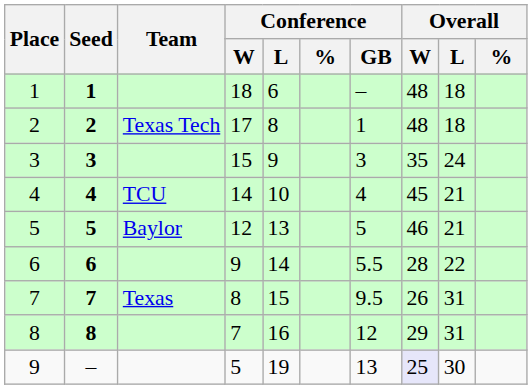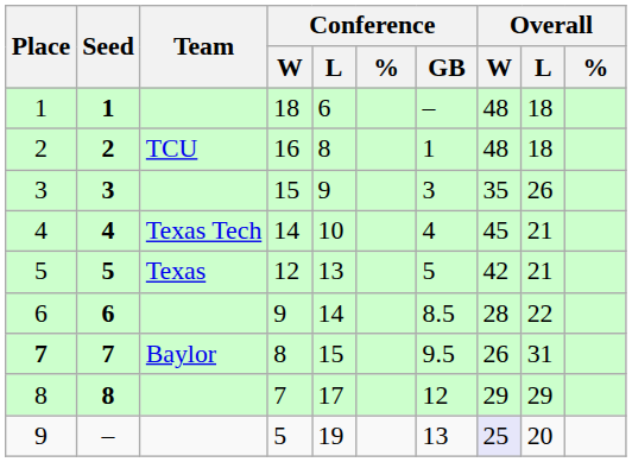 <table class="wikitable">
 <tr>
 <th rowspan ="2">Place</th>
 <th rowspan ="2">Seed</th>
 <th rowspan ="2">Team</th>
 <th colspan = "4">Conference</th>
 <th colspan = "3">Overall</th>
 </tr>
 <tr>
 <th scope="col" style="width: 20px;">W</th>
 <th scope="col" style="width: 20px;">L</th>
 <th scope="col" style="width: 30px;">%</th>
 <th scope="col" style="width: 30px;">GB</th>
 <th scope="col" style="width: 20px;">W</th>
 <th scope="col" style="width: 20px;">L</th>
 <th scope="col" style="width: 30px;">%</th>
 </tr>
 <tr bgcolor=#ccffcc>
 <td style="text-align:center;">1</td>
 <td style="text-align:center;"><strong>1</strong></td>
 <td></td>
 <td>18</td>
 <td>6</td>
 <td></td>
 <td>–</td>
 <td>48</td>
 <td>18</td>
 <td></td>
 </tr>
 <tr bgcolor=#ccffcc>
 <td style="text-align:center;">2</td>
 <td style="text-align:center;"><strong>2</strong></td>
-<td><a href='#'>Texas Tech</a></td>
-<td>17</td>
+<td><a href='#'>TCU</a></td>
+<td>16</td>
 <td>8</td>
 <td></td>
 <td>1</td>
 <td>48</td>
 <td>18</td>
 <td></td>
 </tr>
 <tr bgcolor=#ccffcc>
 <td style="text-align:center;">3</td>
 <td style="text-align:center;"><strong>3</strong></td>
 <td></td>
 <td>15</td>
 <td>9</td>
 <td></td>
 <td>3</td>
 <td>35</td>
-<td>24</td>
+<td>26</td>
 <td></td>
 </tr>
 <tr bgcolor=#ccffcc>
 <td style="text-align:center;">4</td>
 <td style="text-align:center;"><strong>4</strong></td>
-<td><a href='#'>TCU</a></td>
+<td><a href='#'>Texas Tech</a></td>
 <td>14</td>
 <td>10</td>
 <td></td>
 <td>4</td>
 <td>45</td>
 <td>21</td>
 <td></td>
 </tr>
 <tr bgcolor=#ccffcc>
 <td style="text-align:center;">5</td>
 <td style="text-align:center;"><strong>5</strong></td>
-<td><a href='#'>Baylor</a></td>
+<td><a href='#'>Texas</a></td>
 <td>12</td>
 <td>13</td>
 <td></td>
 <td>5</td>
-<td>46</td>
+<td>42</td>
 <td>21</td>
 <td></td>
 </tr>
 <tr bgcolor=#ccffcc>
 <td style="text-align:center;">6</td>
 <td style="text-align:center;"><strong>6</strong></td>
 <td></td>
 <td>9</td>
 <td>14</td>
 <td></td>
-<td>5.5</td>
+<td>8.5</td>
 <td>28</td>
 <td>22</td>
 <td></td>
 </tr>
 <tr bgcolor=#ccffcc>
-<td style="text-align:center;">7</td>
 <td style="text-align:center;"><strong>7</strong></td>
-<td><a href='#'>Texas</a></td>
+<td style="text-align:center;"><strong>7</strong></td>
+<td><a href='#'>Baylor</a></td>
 <td>8</td>
 <td>15</td>
 <td></td>
 <td>9.5</td>
 <td>26</td>
 <td>31</td>
 <td></td>
 </tr>
 <tr bgcolor=#ccffcc>
 <td style="text-align:center;">8</td>
 <td style="text-align:center;"><strong>8</strong></td>
 <td></td>
 <td>7</td>
-<td>16</td>
+<td>17</td>
 <td></td>
 <td>12</td>
 <td>29</td>
-<td>31</td>
+<td>29</td>
 <td></td>
 </tr>
 <tr>
 <td style="text-align:center;">9</td>
 <td style="text-align:center;">–</td>
 <td></td>
 <td>5</td>
 <td>19</td>
 <td></td>
 <td>13</td>
 <td style="background: lavender;">25</td>
-<td>30</td>
+<td>20</td>
 <td></td>
 </tr>
 </table>
